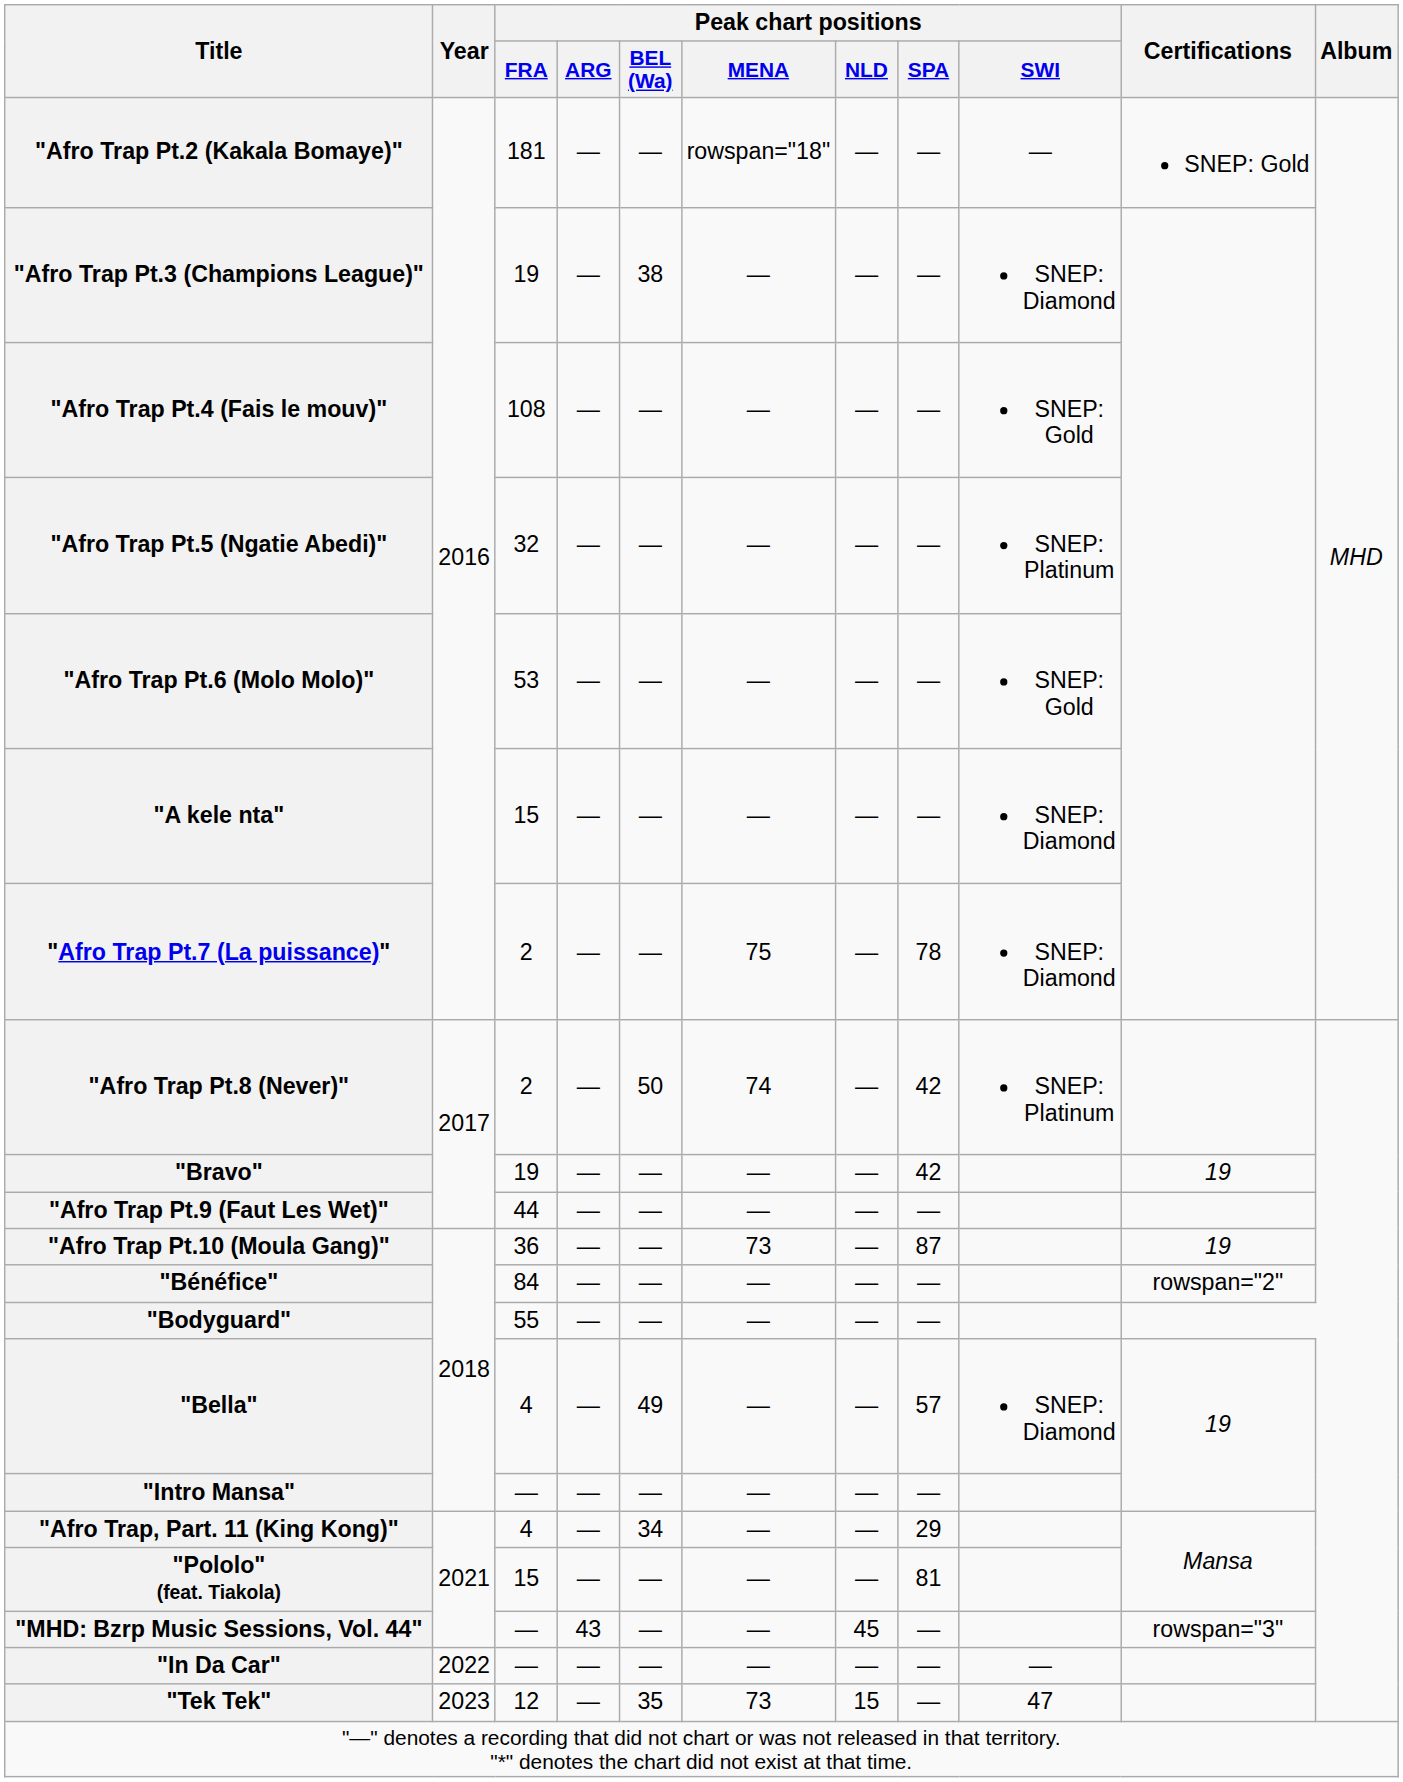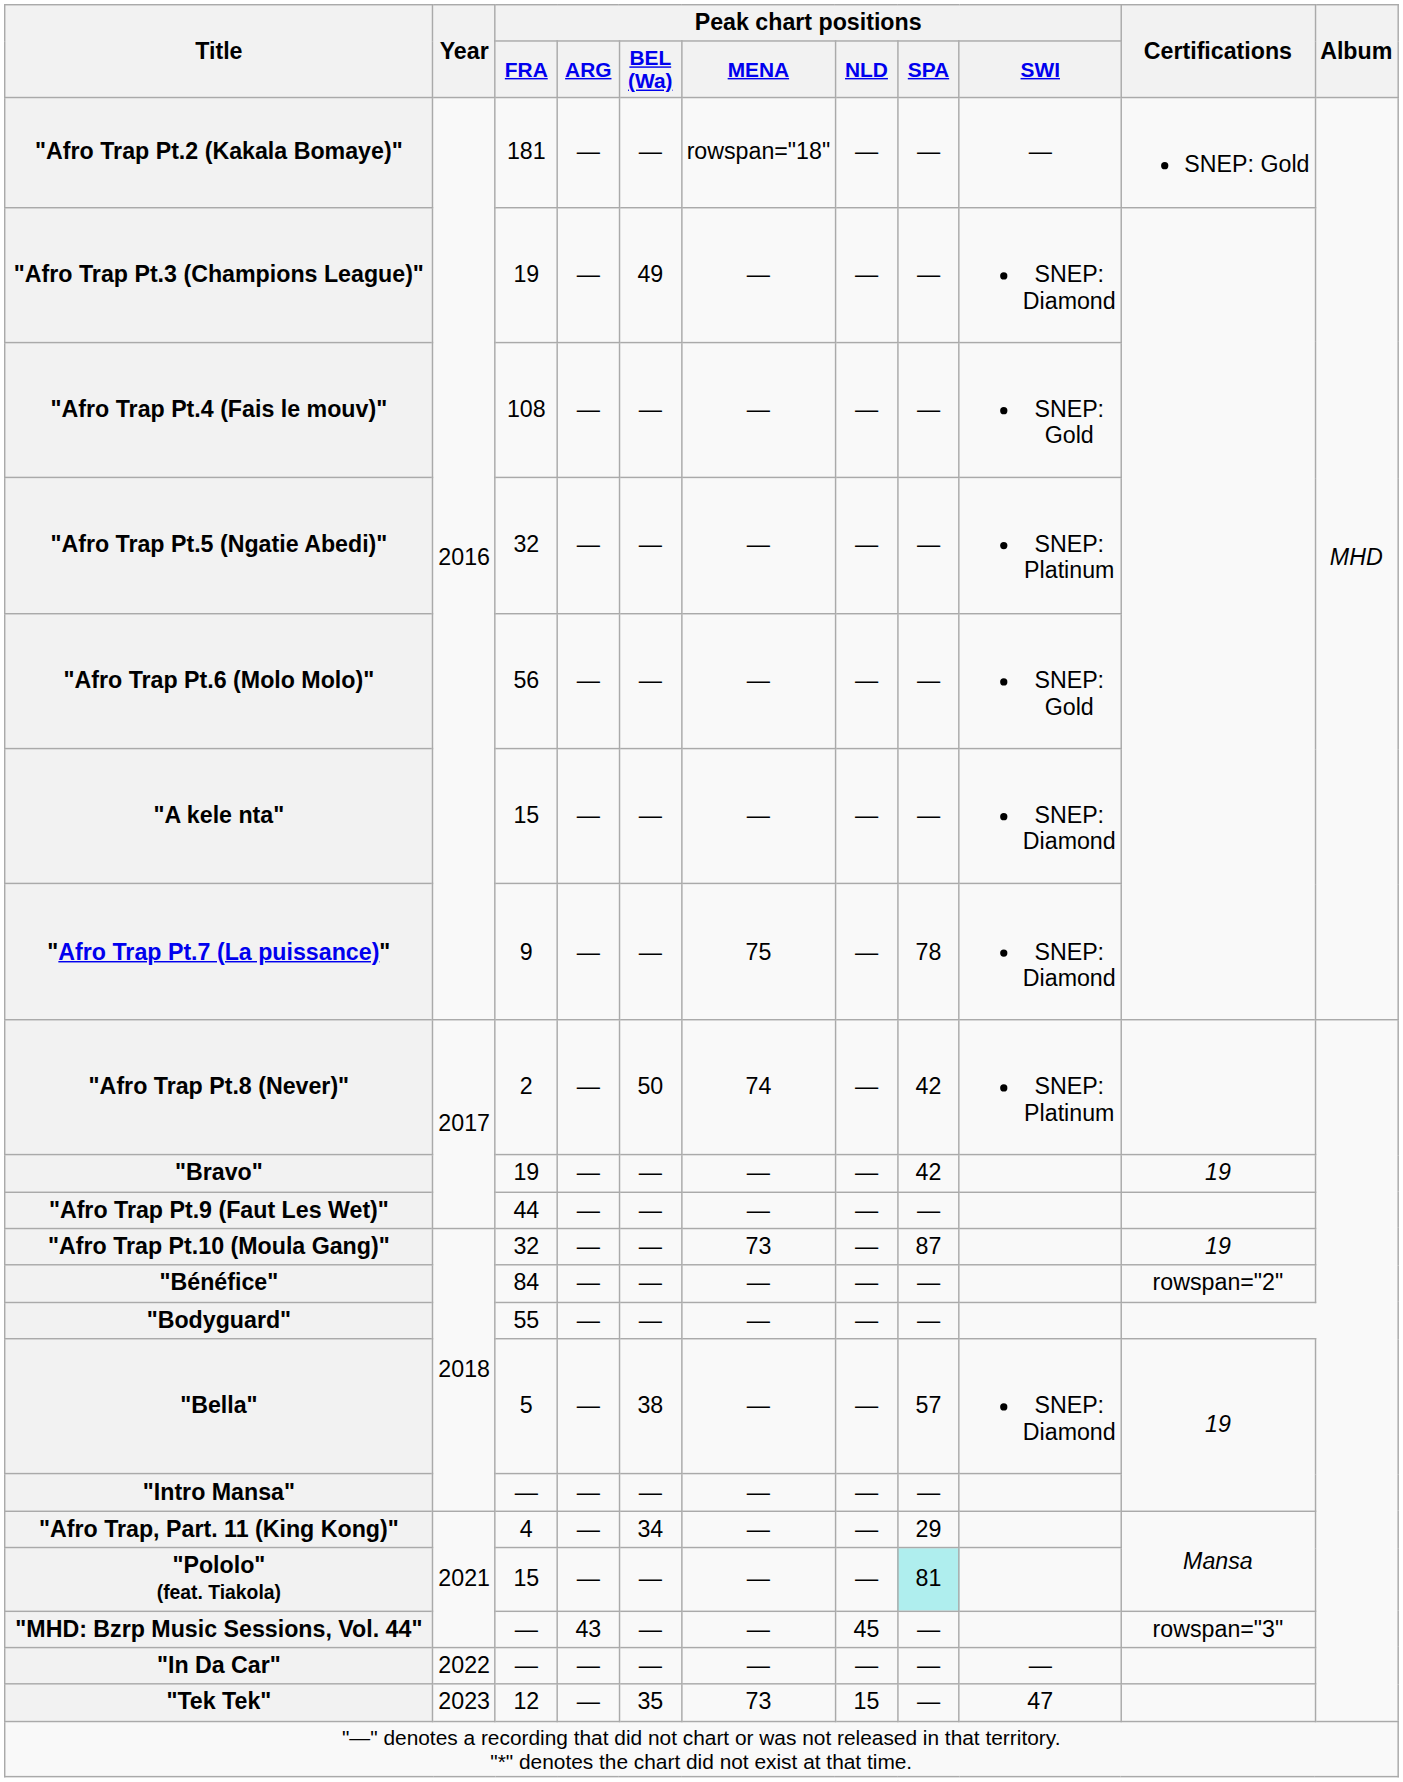 <table class="wikitable plainrowheaders" style="text-align:center;">
 <tr>
 <th scope="col" rowspan="2" style="width:18em;">Title</th>
 <th scope="col" rowspan="2" style="width:1em;">Year</th>
 <th colspan="7" scope="col">Peak chart positions</th>
 <th scope="col" rowspan="2">Certifications</th>
 <th scope="col" rowspan="2">Album</th>
 </tr>
 <tr>
 <th scope="col" style="width:2.5em;font-size:90%;"><a href='#'>FRA</a><br></th>
 <th scope="col" style="width:2.5em;font-size:90%;"><a href='#'>ARG</a><br></th>
 <th scope="col" style="width:2.5em;font-size:90%;"><a href='#'>BEL<br>(Wa)</a><br></th>
 <th scope="col" style="width:2.5em;font-size:90%;"><a href='#'>MENA</a><br></th>
 <th scope="col" style="width:2.5em;font-size:90%;"><a href='#'>NLD</a><br></th>
 <th scope="col" style="width:2.5em;font-size:90%;"><a href='#'>SPA</a><br></th>
 <th scope="col" style="width:2.5em;font-size:90%;"><a href='#'>SWI</a><br></th>
 </tr>
 <tr>
 <th scope="row">"Afro Trap Pt.2 (Kakala Bomaye)"</th>
 <td rowspan="7">2016</td>
 <td>181</td>
 <td>—</td>
 <td>—</td>
 <td>rowspan="18" </td>
 <td>—</td>
 <td>—</td>
 <td>—</td>
 <td><br><ul><li>SNEP: Gold</li></ul></td>
 <td rowspan="7"><em>MHD</em></td>
 </tr>
 <tr>
 <th scope="row">"Afro Trap Pt.3 (Champions League)"</th>
 <td>19</td>
 <td>—</td>
-<td>38</td>
+<td>49</td>
 <td>—</td>
 <td>—</td>
 <td>—</td>
 <td><br><ul><li>SNEP: Diamond</li></ul></td>
 </tr>
 <tr>
 <th scope="row">"Afro Trap Pt.4 (Fais le mouv)"</th>
 <td>108</td>
 <td>—</td>
 <td>—</td>
 <td>—</td>
 <td>—</td>
 <td>—</td>
 <td><br><ul><li>SNEP: Gold</li></ul></td>
 </tr>
 <tr>
 <th scope="row">"Afro Trap Pt.5 (Ngatie Abedi)"</th>
 <td>32</td>
 <td>—</td>
 <td>—</td>
 <td>—</td>
 <td>—</td>
 <td>—</td>
 <td><br><ul><li>SNEP: Platinum</li></ul></td>
 </tr>
 <tr>
 <th scope="row">"Afro Trap Pt.6 (Molo Molo)"</th>
-<td>53</td>
+<td>56</td>
 <td>—</td>
 <td>—</td>
 <td>—</td>
 <td>—</td>
 <td>—</td>
 <td><br><ul><li>SNEP: Gold</li></ul></td>
 </tr>
 <tr>
 <th scope="row">"A kele nta"</th>
 <td>15</td>
 <td>—</td>
 <td>—</td>
 <td>—</td>
 <td>—</td>
 <td>—</td>
 <td><br><ul><li>SNEP: Diamond</li></ul></td>
 </tr>
 <tr>
 <th scope="row">"<a href='#'>Afro Trap Pt.7 (La puissance)</a>"</th>
-<td>2</td>
+<td>9</td>
 <td>—</td>
 <td>—</td>
 <td>75</td>
 <td>—</td>
 <td>78</td>
 <td><br><ul><li>SNEP: Diamond</li></ul></td>
 </tr>
 <tr>
 <th scope="row">"Afro Trap Pt.8 (Never)"</th>
 <td rowspan="3">2017</td>
 <td>2</td>
 <td>—</td>
 <td>50</td>
 <td>74</td>
 <td>—</td>
 <td>42</td>
 <td><br><ul><li>SNEP: Platinum</li></ul></td>
 <td></td>
 </tr>
 <tr>
 <th scope="row">"Bravo"</th>
 <td>19</td>
 <td>—</td>
 <td>—</td>
 <td>—</td>
 <td>—</td>
 <td>42</td>
 <td></td>
 <td><em>19</em></td>
 </tr>
 <tr>
 <th scope="row">"Afro Trap Pt.9 (Faut Les Wet)"</th>
 <td>44</td>
 <td>—</td>
 <td>—</td>
 <td>—</td>
 <td>—</td>
 <td>—</td>
 <td></td>
 <td></td>
 </tr>
 <tr>
 <th scope="row">"Afro Trap Pt.10 (Moula Gang)"</th>
 <td rowspan="5">2018</td>
-<td>36</td>
+<td>32</td>
 <td>—</td>
 <td>—</td>
 <td>73</td>
 <td>—</td>
 <td>87</td>
 <td></td>
 <td><em>19</em></td>
 </tr>
 <tr>
 <th scope="row">"Bénéfice"<br></th>
 <td>84</td>
 <td>—</td>
 <td>—</td>
 <td>—</td>
 <td>—</td>
 <td>—</td>
 <td></td>
 <td>rowspan="2" </td>
 </tr>
 <tr>
 <th scope="row">"Bodyguard"</th>
 <td>55</td>
 <td>—</td>
 <td>—</td>
 <td>—</td>
 <td>—</td>
 <td>—</td>
 <td></td>
 </tr>
 <tr>
 <th scope="row">"Bella"<br></th>
-<td>4</td>
+<td>5</td>
 <td>—</td>
-<td>49</td>
+<td>38</td>
 <td>—</td>
 <td>—</td>
 <td>57</td>
 <td><br><ul><li>SNEP: Diamond</li></ul></td>
 <td rowspan="2"><em>19</em></td>
 </tr>
 <tr>
 <th scope="row">"Intro Mansa"<br></th>
 <td>—</td>
 <td>—</td>
 <td>—</td>
 <td>—</td>
 <td>—</td>
 <td>—</td>
 <td></td>
 </tr>
 <tr>
 <th scope="row">"Afro Trap, Part. 11 (King Kong)"</th>
 <td rowspan="3">2021</td>
 <td>4</td>
 <td>—</td>
 <td>34</td>
 <td>—</td>
 <td>—</td>
 <td>29</td>
 <td></td>
 <td rowspan="2"><em>Mansa</em></td>
 </tr>
 <tr>
 <th scope="row">"Pololo"<br><small>(feat. Tiakola)</small></th>
 <td>15</td>
 <td>—</td>
 <td>—</td>
 <td>—</td>
 <td>—</td>
-<td>81</td>
+<td style="background: paleturquoise;">81</td>
 <td></td>
 </tr>
 <tr>
 <th scope="row">"MHD: Bzrp Music Sessions, Vol. 44"<br></th>
 <td>—</td>
 <td>43</td>
 <td>—</td>
 <td>—</td>
 <td>45</td>
 <td>—</td>
 <td></td>
 <td>rowspan="3" </td>
 </tr>
 <tr>
 <th scope="row">"In Da Car"<br></th>
 <td>2022</td>
 <td>—</td>
 <td>—</td>
 <td>—</td>
 <td>—</td>
 <td>—</td>
 <td>—</td>
 <td>—</td>
 <td></td>
 </tr>
 <tr>
 <th scope="row">"Tek Tek"<br></th>
 <td>2023</td>
 <td>12</td>
 <td>—</td>
 <td>35</td>
 <td>73</td>
 <td>15</td>
 <td>—</td>
 <td>47</td>
 <td></td>
 </tr>
 <tr>
 <td colspan="11" style="font-size:90%">"—" denotes a recording that did not chart or was not released in that territory.<br>"*" denotes the chart did not exist at that time.</td>
 </tr>
 </table>
